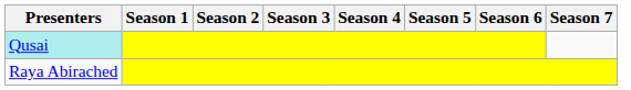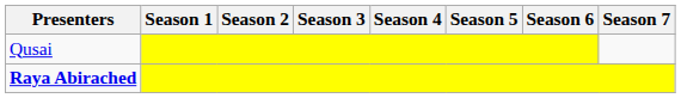 <table class="wikitable">
 <tr>
 <th>Presenters</th>
 <th>Season 1</th>
 <th>Season 2</th>
 <th>Season 3</th>
 <th>Season 4</th>
 <th>Season 5</th>
 <th>Season 6</th>
 <th>Season 7</th>
 </tr>
 <tr>
-<td style="background: paleturquoise;"><a href='#'>Qusai</a></td>
+<td><a href='#'>Qusai</a></td>
 <td bgcolor="#FFFF00" colspan="6"></td>
 </tr>
 <tr>
-<td><a href='#'>Raya Abirached</a></td>
+<td><strong><a href='#'>Raya Abirached</a></strong></td>
 <td bgcolor="#FFFF00" colspan="7"></td>
 </tr>
 </table>
